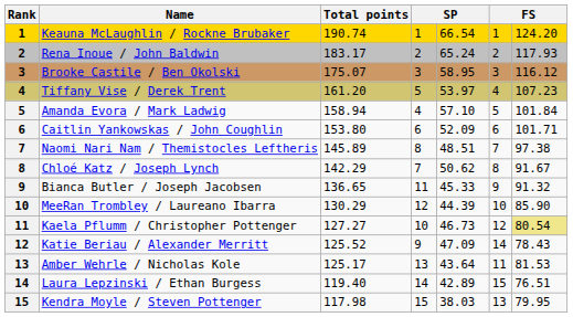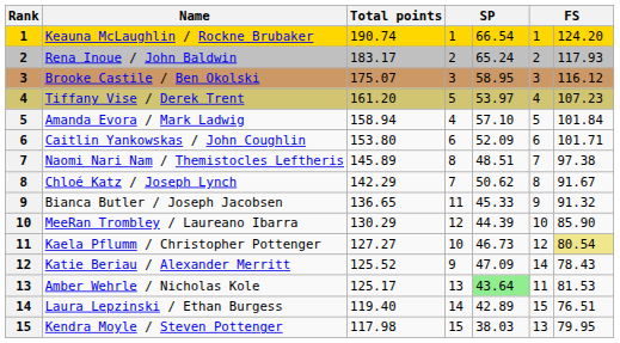 <table class="wikitable">
 <tr>
 <th>Rank</th>
 <th>Name</th>
 <th>Total points</th>
 <th colspan="2" width="80px">SP</th>
 <th colspan="2" width="80px">FS</th>
 </tr>
 <tr style="background:gold;">
 <td style="text-align:center;"><strong>1</strong></td>
 <td><a href='#'>Keauna McLaughlin</a> / <a href='#'>Rockne Brubaker</a></td>
 <td>190.74</td>
 <td>1</td>
 <td>66.54</td>
 <td>1</td>
 <td>124.20</td>
 </tr>
 <tr style="background:silver;">
 <td style="text-align:center;"><strong>2</strong></td>
 <td><a href='#'>Rena Inoue</a> / <a href='#'>John Baldwin</a></td>
 <td>183.17</td>
 <td>2</td>
 <td>65.24</td>
 <td>2</td>
 <td>117.93</td>
 </tr>
 <tr style="background:#c96;">
 <td style="text-align:center;"><strong>3</strong></td>
 <td><a href='#'>Brooke Castile</a> / <a href='#'>Ben Okolski</a></td>
 <td>175.07</td>
 <td>3</td>
 <td>58.95</td>
 <td>3</td>
 <td>116.12</td>
 </tr>
 <tr style="background:#d1c571;">
 <td style="text-align:center;"><strong>4</strong></td>
 <td><a href='#'>Tiffany Vise</a> / <a href='#'>Derek Trent</a></td>
 <td>161.20</td>
 <td>5</td>
 <td>53.97</td>
 <td>4</td>
 <td>107.23</td>
 </tr>
 <tr>
 <th>5</th>
 <td><a href='#'>Amanda Evora</a> / <a href='#'>Mark Ladwig</a></td>
 <td>158.94</td>
 <td>4</td>
 <td>57.10</td>
 <td>5</td>
 <td>101.84</td>
 </tr>
 <tr>
 <th>6</th>
 <td><a href='#'>Caitlin Yankowskas</a> / <a href='#'>John Coughlin</a></td>
 <td>153.80</td>
 <td>6</td>
 <td>52.09</td>
 <td>6</td>
 <td>101.71</td>
 </tr>
 <tr>
 <th>7</th>
 <td><a href='#'>Naomi Nari Nam</a> / <a href='#'>Themistocles Leftheris</a></td>
 <td>145.89</td>
 <td>8</td>
 <td>48.51</td>
 <td>7</td>
 <td>97.38</td>
 </tr>
 <tr>
 <th>8</th>
 <td><a href='#'>Chloé Katz</a> / <a href='#'>Joseph Lynch</a></td>
 <td>142.29</td>
 <td>7</td>
 <td>50.62</td>
 <td>8</td>
 <td>91.67</td>
 </tr>
 <tr>
 <th>9</th>
 <td>Bianca Butler / Joseph Jacobsen</td>
 <td>136.65</td>
 <td>11</td>
 <td>45.33</td>
 <td>9</td>
 <td>91.32</td>
 </tr>
 <tr>
 <th>10</th>
 <td><a href='#'>MeeRan Trombley</a> / Laureano Ibarra</td>
 <td>130.29</td>
 <td>12</td>
 <td>44.39</td>
 <td>10</td>
 <td>85.90</td>
 </tr>
 <tr>
 <th>11</th>
 <td><a href='#'>Kaela Pflumm</a> / Christopher Pottenger</td>
 <td>127.27</td>
 <td>10</td>
 <td>46.73</td>
 <td>12</td>
 <td style="background: khaki;">80.54</td>
 </tr>
 <tr>
 <th>12</th>
 <td><a href='#'>Katie Beriau</a> / <a href='#'>Alexander Merritt</a></td>
 <td>125.52</td>
 <td>9</td>
 <td>47.09</td>
 <td>14</td>
 <td>78.43</td>
 </tr>
 <tr>
 <th>13</th>
 <td><a href='#'>Amber Wehrle</a> / Nicholas Kole</td>
 <td>125.17</td>
 <td>13</td>
-<td>43.64</td>
+<td style="background: lightgreen;">43.64</td>
 <td>11</td>
 <td>81.53</td>
 </tr>
 <tr>
 <th>14</th>
 <td><a href='#'>Laura Lepzinski</a> / Ethan Burgess</td>
 <td>119.40</td>
 <td>14</td>
 <td>42.89</td>
 <td>15</td>
 <td>76.51</td>
 </tr>
 <tr>
 <th>15</th>
 <td><a href='#'>Kendra Moyle</a> / <a href='#'>Steven Pottenger</a></td>
 <td>117.98</td>
 <td>15</td>
 <td>38.03</td>
 <td>13</td>
 <td>79.95</td>
 </tr>
 </table>
